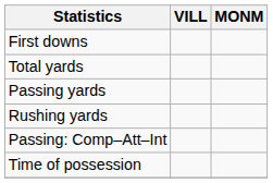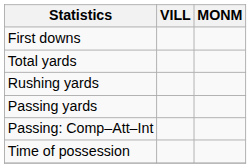 <table class="wikitable" style="float: left;">
 <tr>
 <th>Statistics</th>
 <th>VILL</th>
 <th>MONM</th>
 </tr>
 <tr>
 <td>First downs</td>
 <td></td>
 <td></td>
 </tr>
 <tr>
 <td>Total yards</td>
 <td></td>
 <td></td>
 </tr>
 <tr>
-<td>Passing yards</td>
+<td>Rushing yards</td>
 <td></td>
 <td></td>
 </tr>
 <tr>
-<td>Rushing yards</td>
+<td>Passing yards</td>
 <td></td>
 <td></td>
 </tr>
 <tr>
 <td>Passing: Comp–Att–Int</td>
 <td></td>
 <td></td>
 </tr>
 <tr>
 <td>Time of possession</td>
 <td></td>
 <td></td>
 </tr>
 <tr>
 </tr>
 </table>
